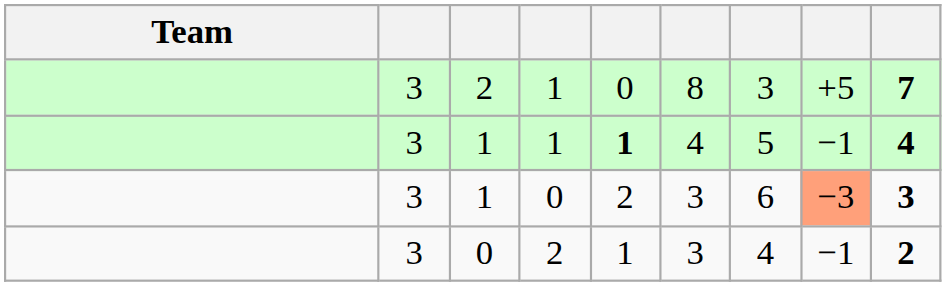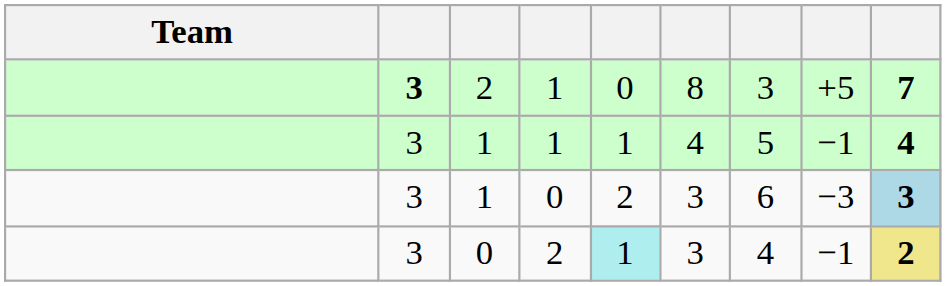 <table class="wikitable" style="text-align: center;">
 <tr>
 <th style="width:165px;">Team</th>
 <th width="25"></th>
 <th width="25"></th>
 <th width="25"></th>
 <th width="25"></th>
 <th width="25"></th>
 <th width="25"></th>
 <th width="25"></th>
 <th width="25"></th>
 </tr>
 <tr style="background:#cfc;">
 <td align="left"></td>
-<td>3</td>
+<td><strong>3</strong></td>
 <td>2</td>
 <td>1</td>
 <td>0</td>
 <td>8</td>
 <td>3</td>
 <td>+5</td>
 <td><strong>7</strong></td>
 </tr>
 <tr style="background:#cfc;">
 <td align="left"></td>
 <td>3</td>
 <td>1</td>
 <td>1</td>
-<td><strong>1</strong></td>
+<td>1</td>
 <td>4</td>
 <td>5</td>
 <td>−1</td>
 <td><strong>4</strong></td>
 </tr>
 <tr>
 <td align="left"></td>
 <td>3</td>
 <td>1</td>
 <td>0</td>
 <td>2</td>
 <td>3</td>
 <td>6</td>
-<td style="background: lightsalmon;">−3</td>
-<td><strong>3</strong></td>
+<td>−3</td>
+<td style="background: lightblue;"><strong>3</strong></td>
 </tr>
 <tr>
 <td align="left"></td>
 <td>3</td>
 <td>0</td>
 <td>2</td>
-<td>1</td>
+<td style="background: paleturquoise;">1</td>
 <td>3</td>
 <td>4</td>
 <td>−1</td>
-<td><strong>2</strong></td>
+<td style="background: khaki;"><strong>2</strong></td>
 </tr>
 </table>
